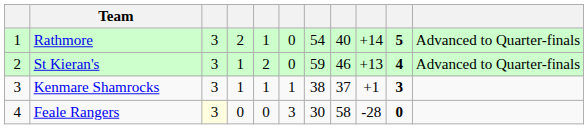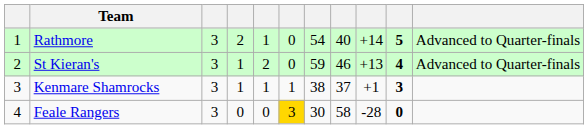 <table class="wikitable" style="text-align:center">
 <tr>
 <th width="20"></th>
 <th style="width:175px;">Team</th>
 <th width="20"></th>
 <th width="20"></th>
 <th width="20"></th>
 <th width="20"></th>
 <th width="20"></th>
 <th width="20"></th>
 <th width="20"></th>
 <th width="20"></th>
 <th style="width:175px;"></th>
 </tr>
 <tr style="background:#cfc;">
 <td>1</td>
 <td style="text-align:left;"> <a href='#'>Rathmore</a></td>
 <td>3</td>
 <td>2</td>
 <td>1</td>
 <td>0</td>
 <td>54</td>
 <td>40</td>
 <td>+14</td>
 <td><strong>5</strong></td>
 <td>Advanced to Quarter-finals</td>
 </tr>
 <tr style="background:#cfc;">
 <td>2</td>
 <td style="text-align:left;"> <a href='#'>St Kieran's</a></td>
 <td>3</td>
 <td>1</td>
 <td>2</td>
 <td>0</td>
 <td>59</td>
 <td>46</td>
 <td>+13</td>
 <td><strong>4</strong></td>
 <td>Advanced to Quarter-finals</td>
 </tr>
 <tr>
 <td>3</td>
 <td style="text-align:left;"> <a href='#'>Kenmare Shamrocks</a></td>
 <td>3</td>
 <td>1</td>
 <td>1</td>
 <td>1</td>
 <td>38</td>
 <td>37</td>
 <td>+1</td>
 <td><strong>3</strong></td>
 <td></td>
 </tr>
 <tr>
 <td>4</td>
 <td style="text-align:left;"> <a href='#'>Feale Rangers</a></td>
-<td style="background: lightyellow;">3</td>
+<td>3</td>
 <td>0</td>
 <td>0</td>
-<td>3</td>
+<td style="background: gold;">3</td>
 <td>30</td>
 <td>58</td>
 <td>-28</td>
 <td><strong>0</strong></td>
 <td></td>
 </tr>
 </table>
